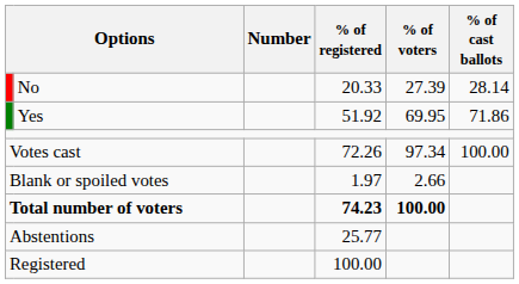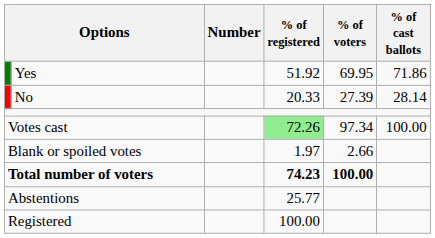 <table class="wikitable centre" style="text-align:right;">
 <tr>
 <th colspan=2>Options</th>
 <th width=50>Number</th>
 <th width=50><small>% of registered</small></th>
 <th width=50><small>% of voters</small></th>
 <th width=50><small>% of cast ballots</small></th>
+</tr>
+<tr>
+<td bgcolor="green"></td>
+<td align=left width="200">Yes</td>
+<td></td>
+<td>51.92</td>
+<td>69.95</td>
+<td>71.86</td>
 </tr>
 <tr>
 <td bgcolor="red"></td>
 <td align=left width="200">No</td>
 <td></td>
 <td>20.33</td>
 <td>27.39</td>
 <td>28.14</td>
 </tr>
 <tr>
-<td bgcolor="green"></td>
-<td align=left width="200">Yes</td>
-<td></td>
-<td>51.92</td>
-<td>69.95</td>
-<td>71.86</td>
-</tr>
-<tr>
 <td colspan=6></td>
 </tr>
 <tr>
 <td align=left colspan=2>Votes cast</td>
 <td></td>
-<td>72.26</td>
+<td style="background: lightgreen;">72.26</td>
 <td>97.34</td>
 <td>100.00</td>
 </tr>
 <tr>
 <td align=left colspan=2>Blank or spoiled votes</td>
 <td></td>
 <td>1.97</td>
 <td>2.66</td>
 <td></td>
 </tr>
 <tr>
 <td align=left colspan=2><strong>Total number of voters</strong></td>
 <td><strong></strong></td>
 <td><strong>74.23</strong></td>
 <td><strong>100.00</strong></td>
 <td></td>
 </tr>
 <tr>
 <td align=left colspan=2>Abstentions</td>
 <td></td>
 <td>25.77</td>
 <td></td>
 <td></td>
 </tr>
 <tr>
 <td align=left colspan=2>Registered</td>
 <td></td>
 <td>100.00</td>
 <td></td>
 <td></td>
 </tr>
 </table>
